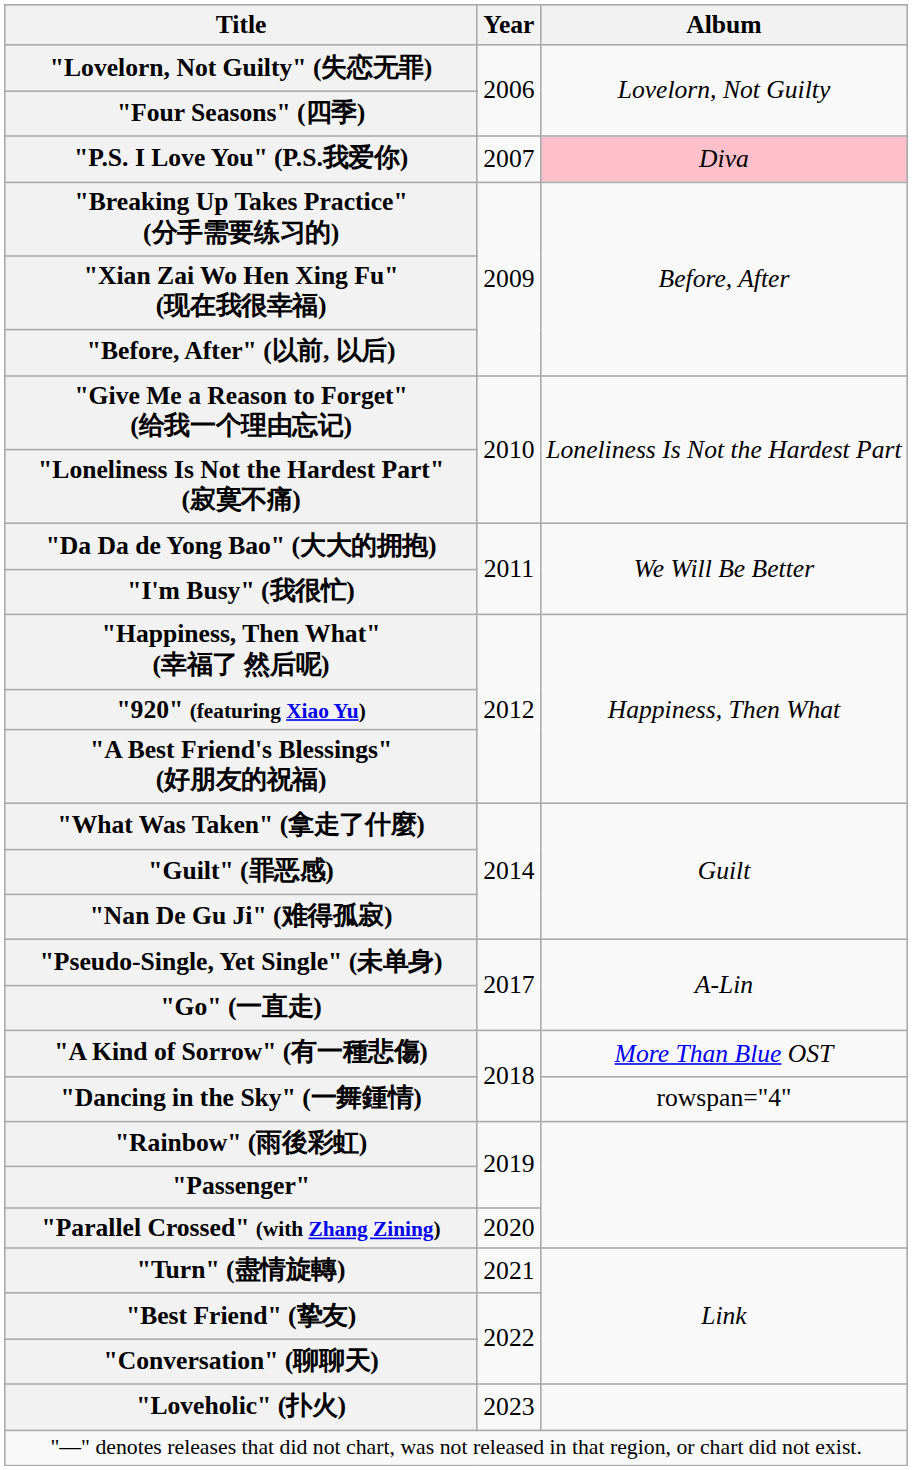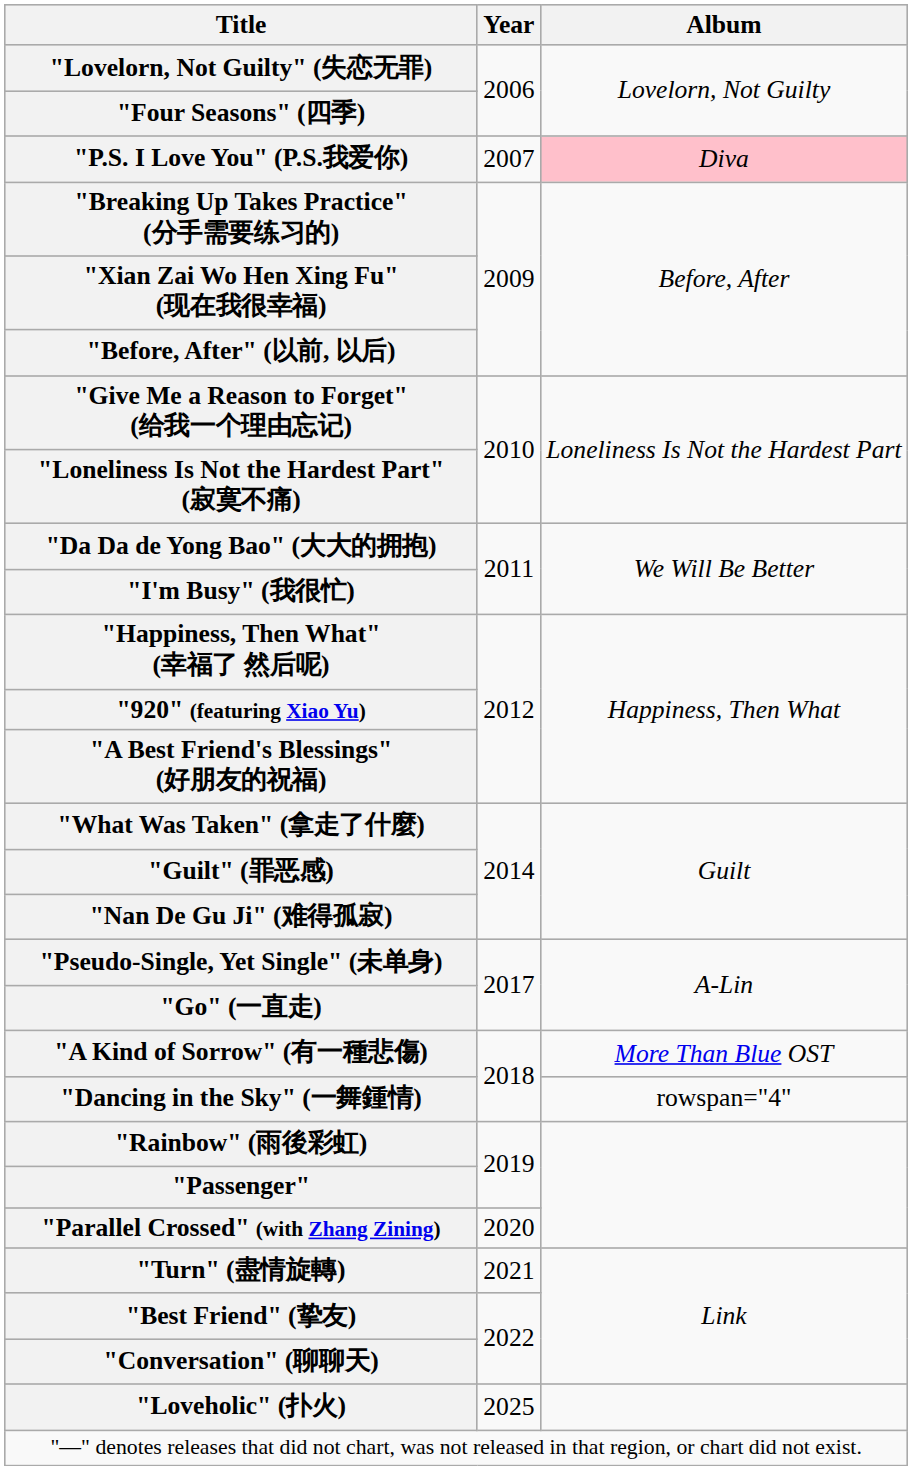 <table class="wikitable plainrowheaders" style="text-align:center;">
 <tr>
 <th rowspan="1" scope="col" style="width:18em;">Title</th>
 <th rowspan="1" scope="col">Year</th>
 <th rowspan="1" scope="col">Album</th>
 </tr>
 <tr>
 <th scope="row">"Lovelorn, Not Guilty" (失恋无罪)</th>
 <td rowspan="2">2006</td>
 <td rowspan="2"><em>Lovelorn, Not Guilty</em></td>
 </tr>
 <tr>
 <th scope="row">"Four Seasons" (四季)</th>
 </tr>
 <tr>
 <th scope="row">"P.S. I Love You" (P.S.我爱你)</th>
 <td>2007</td>
 <td style="background: pink;"><em>Diva</em></td>
 </tr>
 <tr>
 <th scope="row">"Breaking Up Takes Practice"<br>(分手需要练习的)</th>
 <td rowspan="3">2009</td>
 <td rowspan="3"><em>Before, After</em></td>
 </tr>
 <tr>
 <th scope="row">"Xian Zai Wo Hen Xing Fu"<br>(现在我很幸福)</th>
 </tr>
 <tr>
 <th scope="row">"Before, After" (以前, 以后)</th>
 </tr>
 <tr>
 <th scope="row">"Give Me a Reason to Forget"<br>(给我一个理由忘记)</th>
 <td rowspan="2">2010</td>
 <td rowspan="2"><em>Loneliness Is Not the Hardest Part</em></td>
 </tr>
 <tr>
 <th scope="row">"Loneliness Is Not the Hardest Part"<br>(寂寞不痛)</th>
 </tr>
 <tr>
 <th scope="row">"Da Da de Yong Bao" (大大的拥抱)</th>
 <td rowspan="2">2011</td>
 <td rowspan="2"><em>We Will Be Better</em></td>
 </tr>
 <tr>
 <th scope="row">"I'm Busy" (我很忙)</th>
 </tr>
 <tr>
 <th scope="row">"Happiness, Then What"<br>(幸福了 然后呢)</th>
 <td rowspan="3">2012</td>
 <td rowspan="3"><em>Happiness, Then What</em></td>
 </tr>
 <tr>
 <th scope="row">"920" <small>(featuring <a href='#'>Xiao Yu</a>)</small></th>
 </tr>
 <tr>
 <th scope="row">"A Best Friend's Blessings"<br>(好朋友的祝福)</th>
 </tr>
 <tr>
 <th scope="row">"What Was Taken" (拿走了什麼)</th>
 <td rowspan="3">2014</td>
 <td rowspan="3"><em>Guilt</em></td>
 </tr>
 <tr>
 <th scope="row">"Guilt" (罪恶感)</th>
 </tr>
 <tr>
 <th scope="row">"Nan De Gu Ji" (难得孤寂)</th>
 </tr>
 <tr>
 <th scope="row">"Pseudo-Single, Yet Single" (未单身)</th>
 <td rowspan="2">2017</td>
 <td rowspan="2"><em>A-Lin</em></td>
 </tr>
 <tr>
 <th scope="row">"Go" (一直走)</th>
 </tr>
 <tr>
 <th scope="row">"A Kind of Sorrow" (有一種悲傷)</th>
 <td rowspan="2">2018</td>
 <td><em><a href='#'>More Than Blue</a> OST</em></td>
 </tr>
 <tr>
 <th scope="row">"Dancing in the Sky" (一舞鍾情)</th>
 <td>rowspan="4" </td>
 </tr>
 <tr>
 <th scope="row">"Rainbow" (雨後彩虹)</th>
 <td rowspan="2">2019</td>
 </tr>
 <tr>
 <th scope="row">"Passenger"</th>
 </tr>
 <tr>
 <th scope="row">"Parallel Crossed" <small>(with <a href='#'>Zhang Zining</a>)</small></th>
 <td>2020</td>
 </tr>
 <tr>
 <th scope="row">"Turn" (盡情旋轉)</th>
 <td>2021</td>
 <td rowspan="3"><em>Link</em></td>
 </tr>
 <tr>
 <th scope="row">"Best Friend" (挚友)</th>
 <td rowspan="2">2022</td>
 </tr>
 <tr>
 <th scope="row">"Conversation" (聊聊天)</th>
 </tr>
 <tr>
 <th scope="row">"Loveholic" (扑火)</th>
-<td>2023</td>
+<td>2025</td>
 <td></td>
 </tr>
 <tr>
 <td colspan="3" style="font-size:85%">"—" denotes releases that did not chart, was not released in that region, or chart did not exist.</td>
 </tr>
 </table>
